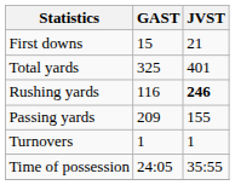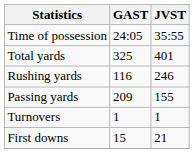 <table class="wikitable">
 <tr>
 <th>Statistics</th>
 <th>GAST</th>
 <th>JVST</th>
 </tr>
 <tr>
-<td>First downs</td>
-<td>15</td>
-<td>21</td>
+<td>Time of possession</td>
+<td>24:05</td>
+<td>35:55</td>
 </tr>
 <tr>
 <td>Total yards</td>
 <td>325</td>
 <td>401</td>
 </tr>
 <tr>
 <td>Rushing yards</td>
 <td>116</td>
-<td><strong>246</strong></td>
+<td>246</td>
 </tr>
 <tr>
 <td>Passing yards</td>
 <td>209</td>
 <td>155</td>
 </tr>
 <tr>
 <td>Turnovers</td>
 <td>1</td>
 <td>1</td>
 </tr>
 <tr>
-<td>Time of possession</td>
-<td>24:05</td>
-<td>35:55</td>
+<td>First downs</td>
+<td>15</td>
+<td>21</td>
 </tr>
 <tr>
 </tr>
 </table>
